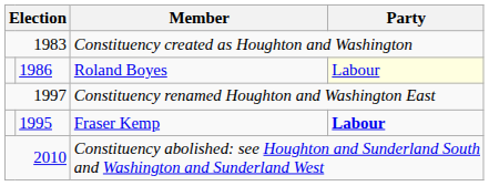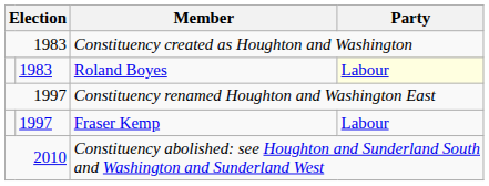 <table class="wikitable">
 <tr>
 <th colspan="2">Election</th>
 <th>Member </th>
 <th>Party</th>
 </tr>
 <tr>
 <td colspan="2" align="right">1983</td>
 <td colspan="2"><em>Constituency created as Houghton and Washington</em></td>
 </tr>
 <tr>
 <td style="color:inherit;background-color: "></td>
-<td><a href='#'>1986</a></td>
+<td><a href='#'>1983</a></td>
 <td><a href='#'>Roland Boyes</a></td>
 <td style="background: lightyellow;"><a href='#'>Labour</a></td>
 </tr>
 <tr>
 <td colspan="2" align="right">1997</td>
 <td colspan="2"><em>Constituency renamed Houghton and Washington East</em></td>
 </tr>
 <tr>
 <td style="color:inherit;background-color: "></td>
-<td><a href='#'>1995</a></td>
+<td><a href='#'>1997</a></td>
 <td><a href='#'>Fraser Kemp</a></td>
-<td><strong><a href='#'>Labour</a></strong></td>
+<td><a href='#'>Labour</a></td>
 </tr>
 <tr>
 <td colspan="2" align="right"><a href='#'>2010</a></td>
 <td colspan="2"><em>Constituency abolished: see <a href='#'>Houghton and Sunderland South</a><br>and <a href='#'>Washington and Sunderland West</a></em></td>
 </tr>
 </table>
